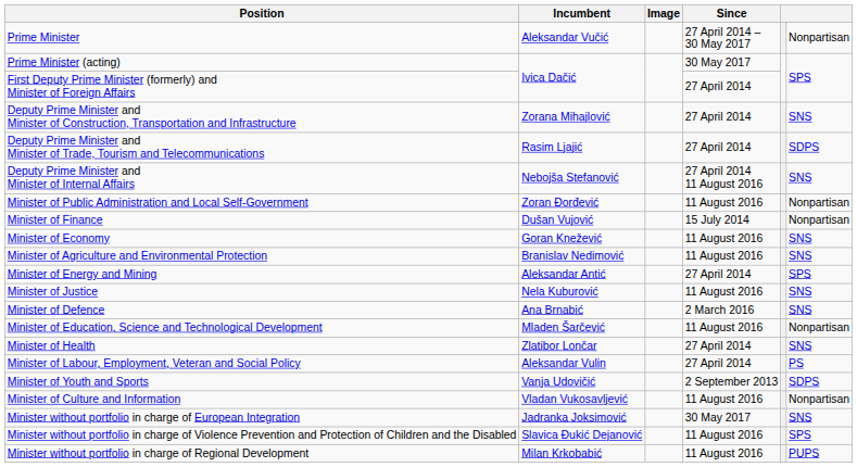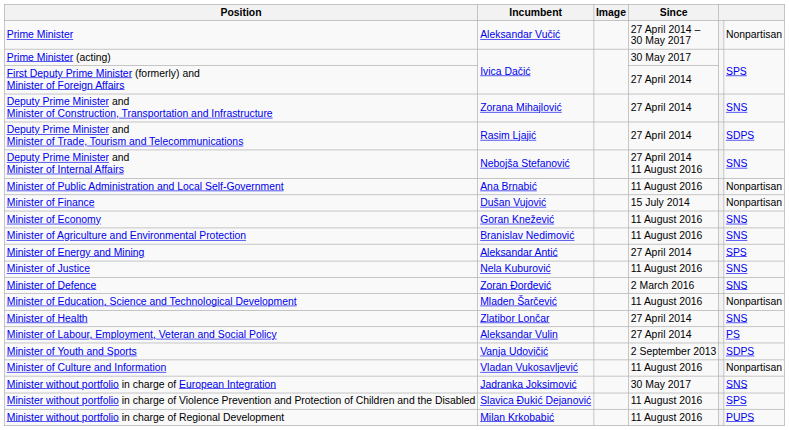 <table class= "wikitable">
 <tr>
 <th>Position</th>
 <th>Incumbent</th>
 <th>Image</th>
 <th>Since</th>
 <th colspan="2"></th>
 </tr>
 <tr>
 <td><a href='#'>Prime Minister</a></td>
 <td><a href='#'>Aleksandar Vučić</a></td>
 <td></td>
 <td>27 April 2014 –<br>30 May 2017</td>
 <th style="background:"></th>
 <td>Nonpartisan<br></td>
 </tr>
 <tr>
 <td><a href='#'>Prime Minister</a> (acting)</td>
 <td rowspan=2><a href='#'>Ivica Dačić</a></td>
 <td rowspan=2></td>
 <td>30 May 2017</td>
 <td rowspan=2 style="background:"></td>
 <td rowspan=2><a href='#'>SPS</a></td>
 </tr>
 <tr>
 <td><a href='#'>First Deputy Prime Minister</a> (formerly) and<br><a href='#'>Minister of Foreign Affairs</a></td>
 <td>27 April 2014</td>
 </tr>
 <tr>
 <td><a href='#'>Deputy Prime Minister</a> and<br><a href='#'>Minister of Construction, Transportation and Infrastructure</a></td>
 <td><a href='#'>Zorana Mihajlović</a></td>
 <td></td>
 <td>27 April 2014</td>
 <th style="background:"></th>
 <td><a href='#'>SNS</a></td>
 </tr>
 <tr>
 <td><a href='#'>Deputy Prime Minister</a> and<br><a href='#'>Minister of Trade, Tourism and Telecommunications</a></td>
 <td><a href='#'>Rasim Ljajić</a></td>
 <td></td>
 <td>27 April 2014</td>
 <th style="background:"></th>
 <td><a href='#'>SDPS</a><br></td>
 </tr>
 <tr>
 <td><a href='#'>Deputy Prime Minister</a> and<br><a href='#'>Minister of Internal Affairs</a></td>
 <td><a href='#'>Nebojša Stefanović</a></td>
 <td></td>
 <td>27 April 2014<br>11 August 2016</td>
 <th style="background:"></th>
 <td><a href='#'>SNS</a></td>
 </tr>
 <tr>
 <td><a href='#'>Minister of Public Administration and Local Self-Government</a></td>
-<td><a href='#'>Zoran Đorđević</a></td>
+<td><a href='#'>Ana Brnabić</a></td>
 <td></td>
 <td>11 August 2016</td>
 <th style="background:"></th>
 <td>Nonpartisan<br></td>
 </tr>
 <tr>
 <td><a href='#'>Minister of Finance</a></td>
 <td><a href='#'>Dušan Vujović</a></td>
 <td></td>
 <td>15 July 2014</td>
 <th style="background:"></th>
 <td>Nonpartisan<br></td>
 </tr>
 <tr>
 <td><a href='#'>Minister of Economy</a></td>
 <td><a href='#'>Goran Knežević</a></td>
 <td></td>
 <td>11 August 2016</td>
 <th style="background:"></th>
 <td><a href='#'>SNS</a></td>
 </tr>
 <tr>
 <td><a href='#'>Minister of Agriculture and Environmental Protection</a></td>
 <td><a href='#'>Branislav Nedimović</a></td>
 <td></td>
 <td>11 August 2016</td>
 <th style="background:"></th>
 <td><a href='#'>SNS</a></td>
 </tr>
 <tr>
 <td><a href='#'>Minister of Energy and Mining</a></td>
 <td><a href='#'>Aleksandar Antić</a></td>
 <td></td>
 <td>27 April 2014</td>
 <th style="background:"></th>
 <td><a href='#'>SPS</a></td>
 </tr>
 <tr>
 <td><a href='#'>Minister of Justice</a></td>
 <td><a href='#'>Nela Kuburović</a></td>
 <td></td>
 <td>11 August 2016</td>
 <th style="background:"></th>
 <td><a href='#'>SNS</a></td>
 </tr>
 <tr>
 <td><a href='#'>Minister of Defence</a></td>
-<td><a href='#'>Ana Brnabić</a></td>
+<td><a href='#'>Zoran Đorđević</a></td>
 <td></td>
 <td>2 March 2016</td>
 <th style="background:"></th>
 <td><a href='#'>SNS</a></td>
 </tr>
 <tr>
 <td><a href='#'>Minister of Education, Science and Technological Development</a></td>
 <td><a href='#'>Mladen Šarčević</a></td>
 <td></td>
 <td>11 August 2016</td>
 <th style="background:"></th>
 <td>Nonpartisan<br></td>
 </tr>
 <tr>
 <td><a href='#'>Minister of Health</a></td>
 <td><a href='#'>Zlatibor Lončar</a></td>
 <td></td>
 <td>27 April 2014</td>
 <th style="background:"></th>
 <td><a href='#'>SNS</a></td>
 </tr>
 <tr>
 <td><a href='#'>Minister of Labour, Employment, Veteran and Social Policy</a></td>
 <td><a href='#'>Aleksandar Vulin</a></td>
 <td></td>
 <td>27 April 2014</td>
 <th style="background:"></th>
 <td><a href='#'>PS</a><br></td>
 </tr>
 <tr>
 <td><a href='#'>Minister of Youth and Sports</a></td>
 <td><a href='#'>Vanja Udovičić</a></td>
 <td></td>
 <td>2 September 2013</td>
 <th style="background:"></th>
 <td><a href='#'>SDPS</a><br></td>
 </tr>
 <tr>
 <td><a href='#'>Minister of Culture and Information</a></td>
 <td><a href='#'>Vladan Vukosavljević</a></td>
 <td></td>
 <td>11 August 2016</td>
 <th style="background:"></th>
 <td>Nonpartisan<br></td>
 </tr>
 <tr>
 <td><a href='#'>Minister without portfolio</a> in charge of <a href='#'>European Integration</a></td>
 <td><a href='#'>Jadranka Joksimović</a></td>
 <td></td>
 <td>30 May 2017</td>
 <th style="background:"></th>
 <td><a href='#'>SNS</a></td>
 </tr>
 <tr>
 <td><a href='#'>Minister without portfolio</a> in charge of Violence Prevention and Protection of Children and the Disabled</td>
 <td><a href='#'>Slavica Đukić Dejanović</a></td>
 <td></td>
 <td>11 August 2016</td>
 <th style="background:"></th>
 <td><a href='#'>SPS</a></td>
 </tr>
 <tr>
 <td><a href='#'>Minister without portfolio</a> in charge of Regional Development</td>
 <td><a href='#'>Milan Krkobabić</a></td>
 <td></td>
 <td>11 August 2016</td>
 <th style="background:"></th>
 <td><a href='#'>PUPS</a><br></td>
 </tr>
 </table>
